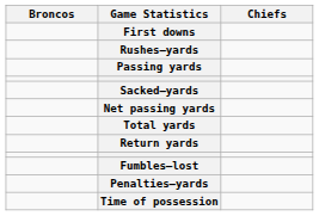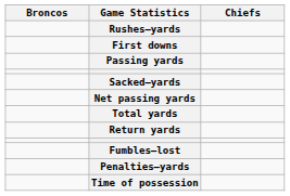 <table class="wikitable" style="margin: 1em auto 1em auto">
 <tr>
 <th style="width:30%;">Broncos</th>
 <th style="width:40%;">Game Statistics</th>
 <th style="width:30%;">Chiefs</th>
 </tr>
 <tr>
 <td style="text-align:right;"></td>
-<th>First downs</th>
+<th>Rushes–yards</th>
 <td></td>
 </tr>
 <tr>
 <td style="text-align:right;"></td>
-<th>Rushes–yards</th>
+<th>First downs</th>
 <td></td>
 </tr>
 <tr>
 <td style="text-align:right;"></td>
 <th>Passing yards</th>
 <td></td>
 </tr>
 <tr>
 <td style="text-align:right;"></td>
 <th></th>
 <td></td>
 </tr>
 <tr>
 <td style="text-align:right;"></td>
 <th>Sacked–yards</th>
 <td></td>
 </tr>
 <tr>
 <td style="text-align:right;"></td>
 <th>Net passing yards</th>
 <td></td>
 </tr>
 <tr>
 <td style="text-align:right;"></td>
 <th>Total yards</th>
 <td></td>
 </tr>
 <tr>
 <td style="text-align:right;"></td>
 <th>Return yards</th>
 <td></td>
 </tr>
 <tr>
 <td style="text-align:right;"></td>
 <th></th>
 <td></td>
 </tr>
 <tr>
 <td style="text-align:right;"></td>
 <th>Fumbles–lost</th>
 <td></td>
 </tr>
 <tr>
 <td style="text-align:right;"></td>
 <th>Penalties–yards</th>
 <td></td>
 </tr>
 <tr>
 <td style="text-align:right;"></td>
 <th>Time of possession</th>
 <td></td>
 </tr>
 </table>
